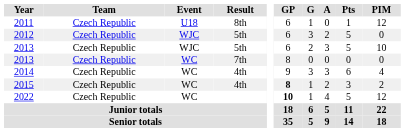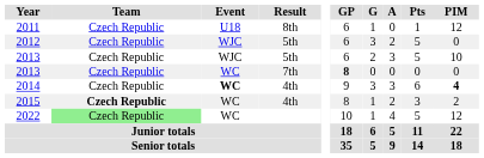 <table border="0" cellpadding="1" cellspacing="0" style="text-align:center; width:40em;">
 <tr bgcolor="#e0e0e0">
 <th>Year</th>
 <th>Team</th>
 <th>Event</th>
 <th>Result</th>
 <th rowspan="99" bgcolor="#ffffff"> </th>
 <th>GP</th>
 <th>G</th>
 <th>A</th>
 <th>Pts</th>
 <th>PIM</th>
 </tr>
 <tr>
 <td><a href='#'>2011</a></td>
 <td><a href='#'>Czech Republic</a></td>
 <td><a href='#'>U18</a></td>
 <td>8th</td>
 <td>6</td>
 <td>1</td>
 <td>0</td>
 <td>1</td>
 <td>12</td>
 </tr>
 <tr bgcolor="#f0f0f0">
 <td><a href='#'>2012</a></td>
 <td><a href='#'>Czech Republic</a></td>
 <td><a href='#'>WJC</a></td>
 <td>5th</td>
 <td>6</td>
 <td>3</td>
 <td>2</td>
 <td>5</td>
 <td>0</td>
 </tr>
 <tr>
 <td><a href='#'>2013</a></td>
 <td>Czech Republic</td>
 <td>WJC</td>
 <td>5th</td>
 <td>6</td>
 <td>2</td>
 <td>3</td>
 <td>5</td>
 <td>10</td>
 </tr>
 <tr bgcolor="#f0f0f0">
 <td><a href='#'>2013</a></td>
 <td><a href='#'>Czech Republic</a></td>
 <td><a href='#'>WC</a></td>
 <td>7th</td>
-<td>8</td>
+<td><strong>8</strong></td>
 <td>0</td>
 <td>0</td>
 <td>0</td>
 <td>0</td>
 </tr>
 <tr>
 <td><a href='#'>2014</a></td>
 <td>Czech Republic</td>
-<td>WC</td>
+<td><strong>WC</strong></td>
 <td>4th</td>
 <td>9</td>
 <td>3</td>
 <td>3</td>
 <td>6</td>
-<td>4</td>
+<td><strong>4</strong></td>
 </tr>
 <tr bgcolor="#f0f0f0">
 <td><a href='#'>2015</a></td>
-<td>Czech Republic</td>
+<td><strong>Czech Republic</strong></td>
 <td>WC</td>
 <td>4th</td>
-<td><strong>8</strong></td>
+<td>8</td>
 <td>1</td>
 <td>2</td>
 <td>3</td>
 <td>2</td>
 </tr>
 <tr>
 <td><a href='#'>2022</a></td>
-<td>Czech Republic</td>
+<td style="background: lightgreen;">Czech Republic</td>
 <td>WC</td>
 <td></td>
-<td><strong>10</strong></td>
+<td>10</td>
 <td>1</td>
 <td>4</td>
 <td>5</td>
 <td>12</td>
 </tr>
 <tr bgcolor="#e0e0e0">
 <th colspan="4">Junior totals</th>
 <th>18</th>
 <th>6</th>
 <th>5</th>
 <th>11</th>
 <th>22</th>
 </tr>
 <tr bgcolor="#e0e0e0">
 <th colspan="4">Senior totals</th>
 <th>35</th>
 <th>5</th>
 <th>9</th>
 <th>14</th>
 <th>18</th>
 </tr>
 </table>
